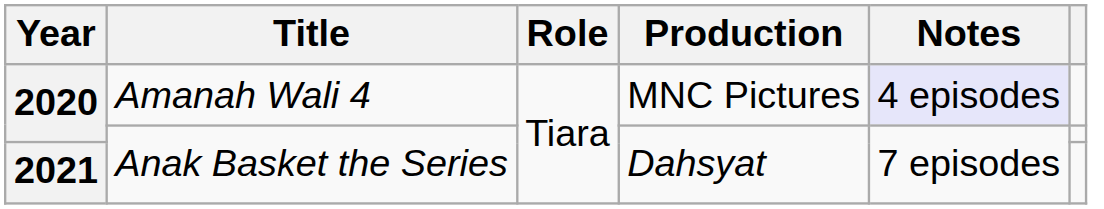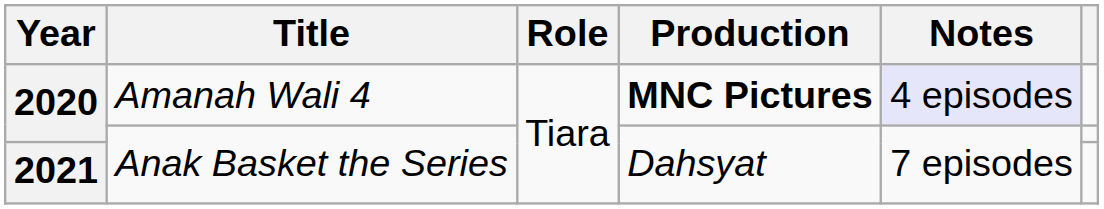 <table class="wikitable plainrowheaders sortable">
 <tr>
 <th scope="col">Year</th>
 <th scope="col">Title</th>
 <th scope="col">Role</th>
 <th scope="col">Production</th>
 <th scope="col">Notes</th>
 <th></th>
 </tr>
 <tr>
 <th scope="row"rowspan=2>2020</th>
 <td><em>Amanah Wali 4</em></td>
 <td rowspan="3">Tiara</td>
-<td>MNC Pictures</td>
+<td><strong>MNC Pictures</strong></td>
 <td style="background: lavender;">4 episodes</td>
 <td></td>
 </tr>
 <tr>
 <td rowspan="2"><em>Anak Basket the Series</em></td>
 <td rowspan="2"><em>Dahsyat</em></td>
 <td rowspan="2">7 episodes</td>
 <td></td>
 </tr>
 <tr>
 <th scope="row">2021</th>
 <td></td>
 </tr>
 </table>
